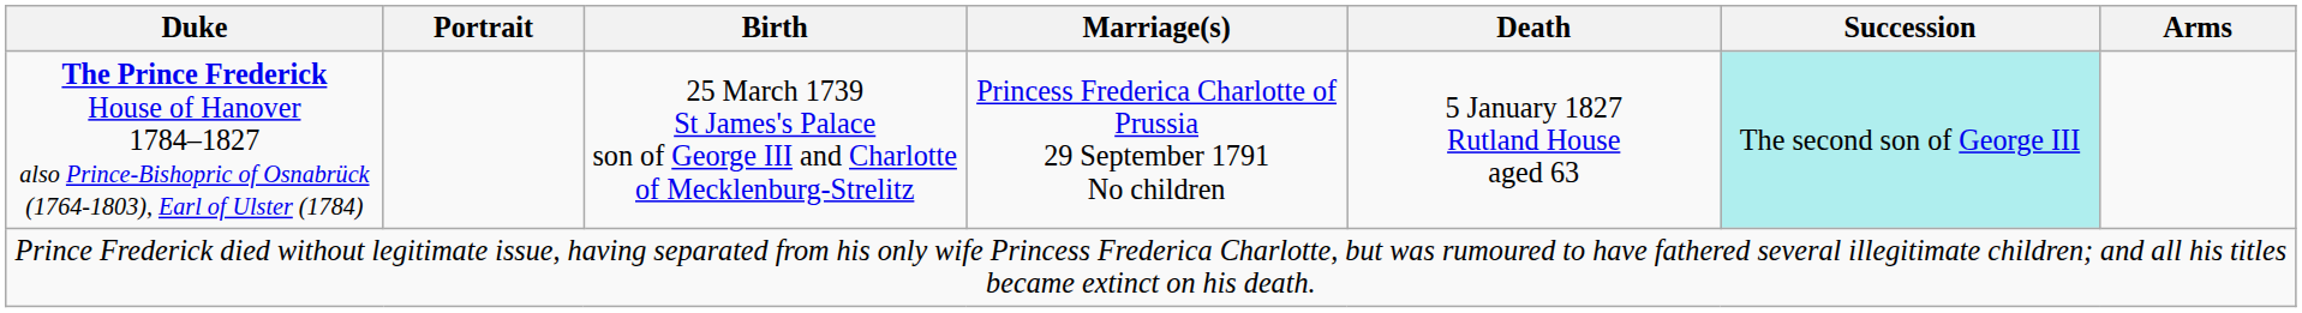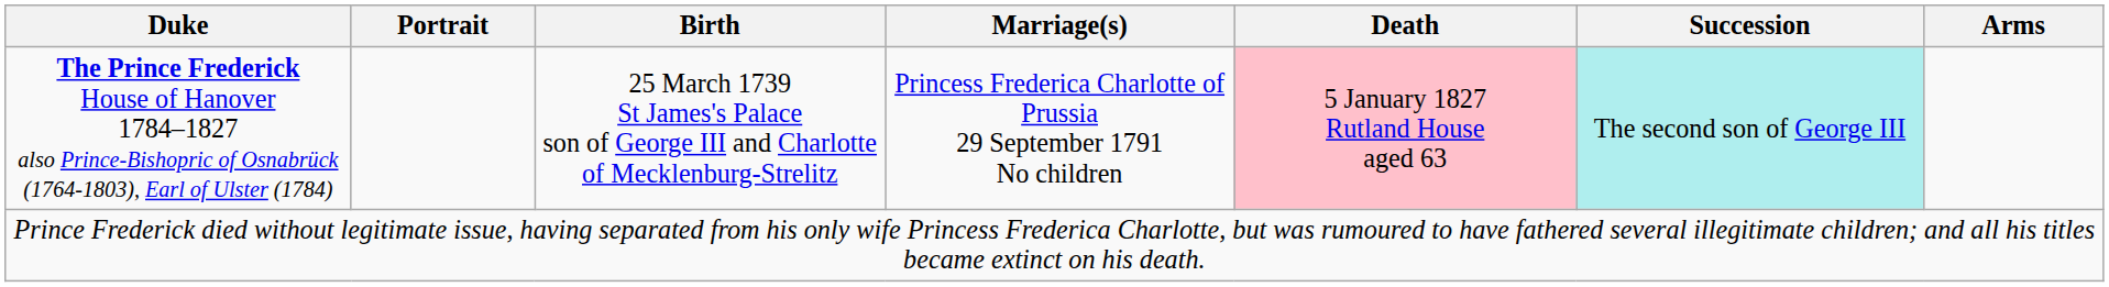 <table class="wikitable" style="width:100%;text-align:center;">
 <tr>
 <th width="220">Duke</th>
 <th width="110">Portrait</th>
 <th width="220">Birth</th>
 <th width="220">Marriage(s)</th>
 <th width="220">Death</th>
 <th width="220">Succession</th>
 <th width="110">Arms</th>
 </tr>
 <tr>
 <td><strong><a href='#'>The Prince Frederick</a></strong><br><a href='#'>House of Hanover</a><br>1784–1827<br><em><small>also <a href='#'>Prince-Bishopric of Osnabrück</a> (1764-1803), <a href='#'>Earl of Ulster</a> (1784)</small></em></td>
 <td></td>
 <td>25 March 1739<br><a href='#'>St James's Palace</a><br>son of <a href='#'>George III</a> and <a href='#'>Charlotte of Mecklenburg-Strelitz</a></td>
 <td><a href='#'>Princess Frederica Charlotte of Prussia</a><br>29 September 1791<br>No children</td>
-<td>5 January 1827<br><a href='#'>Rutland House</a><br>aged 63</td>
+<td style="background: pink;">5 January 1827<br><a href='#'>Rutland House</a><br>aged 63</td>
 <td style="background: paleturquoise;">The second son of <a href='#'>George III</a></td>
 <td></td>
 </tr>
 <tr>
 <td colspan="7"><em>Prince Frederick died without legitimate issue, having separated from his only wife Princess Frederica Charlotte, but was rumoured to have fathered several illegitimate children; and all his titles became extinct on his death.</em></td>
 </tr>
 </table>
